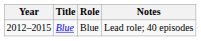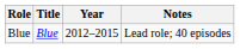 <table class="wikitable sortable">
 <tr>
+<th scope="col">Role</th>
+<th scope="col">Title</th>
 <th scope="col">Year</th>
-<th scope="col">Title</th>
-<th scope="col">Role</th>
 <th scope="col" class="unsortable">Notes</th>
 </tr>
 <tr>
+<td>Blue</td>
+<td><em><a href='#'>Blue</a></em></td>
 <td>2012–2015</td>
-<td><em><a href='#'>Blue</a></em></td>
-<td>Blue</td>
 <td>Lead role; 40 episodes</td>
 </tr>
 </table>
